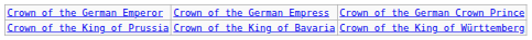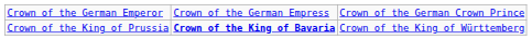 <table class="wikitable">
 <tr>
 <td> <a href='#'>Crown of the German Emperor</a></td>
 <td> <a href='#'>Crown of the German Empress</a></td>
 <td> <a href='#'>Crown of the German Crown Prince</a></td>
 </tr>
 <tr>
 <td> <a href='#'>Crown of the King of Prussia</a></td>
-<td> <a href='#'>Crown of the King of Bavaria</a></td>
+<td><strong> <a href='#'>Crown of the King of Bavaria</a></strong></td>
 <td> <a href='#'>Crown of the King of Württemberg</a></td>
 </tr>
 </table>
